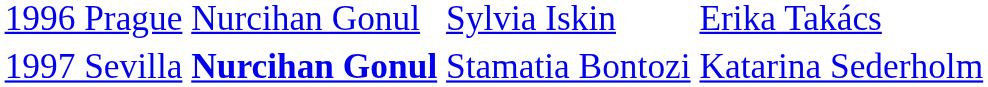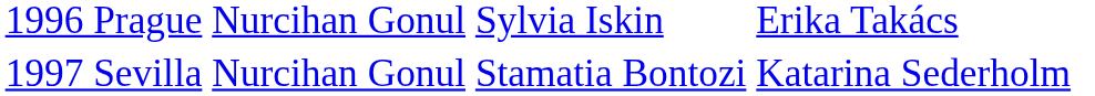 <table>
 <tr>
 <td><a href='#'>1996 Prague</a></td>
 <td> <a href='#'>Nurcihan Gonul</a></td>
 <td> <a href='#'>Sylvia Iskin</a></td>
 <td> <a href='#'>Erika Takács</a></td>
 </tr>
 <tr>
 <td><a href='#'>1997 Sevilla</a></td>
-<td><strong> <a href='#'>Nurcihan Gonul</a></strong></td>
+<td> <a href='#'>Nurcihan Gonul</a></td>
 <td> <a href='#'>Stamatia Bontozi</a></td>
 <td> <a href='#'>Katarina Sederholm</a></td>
 </tr>
 </table>
